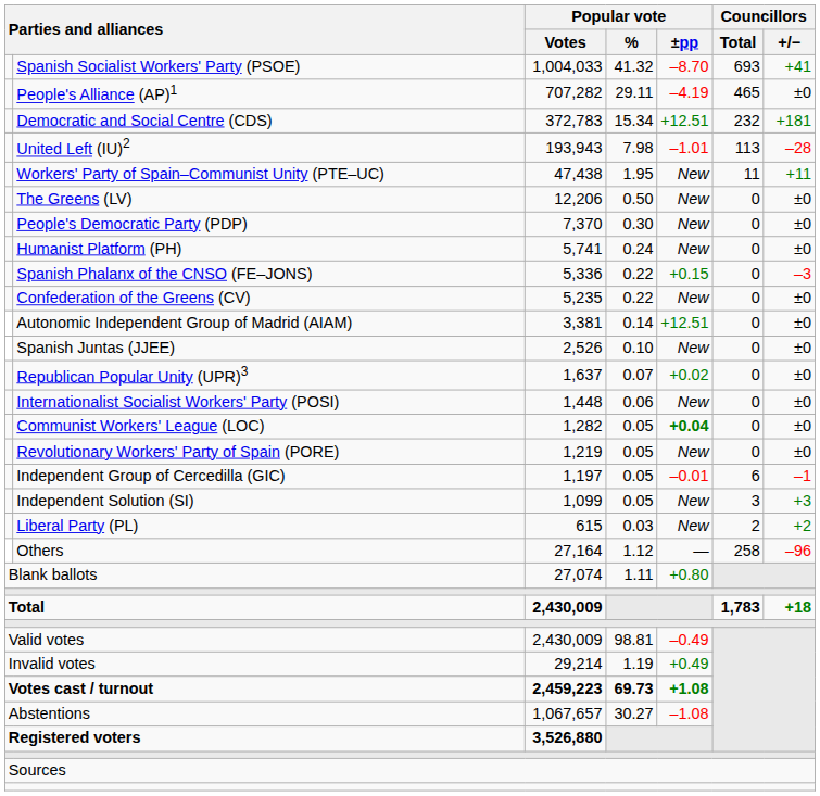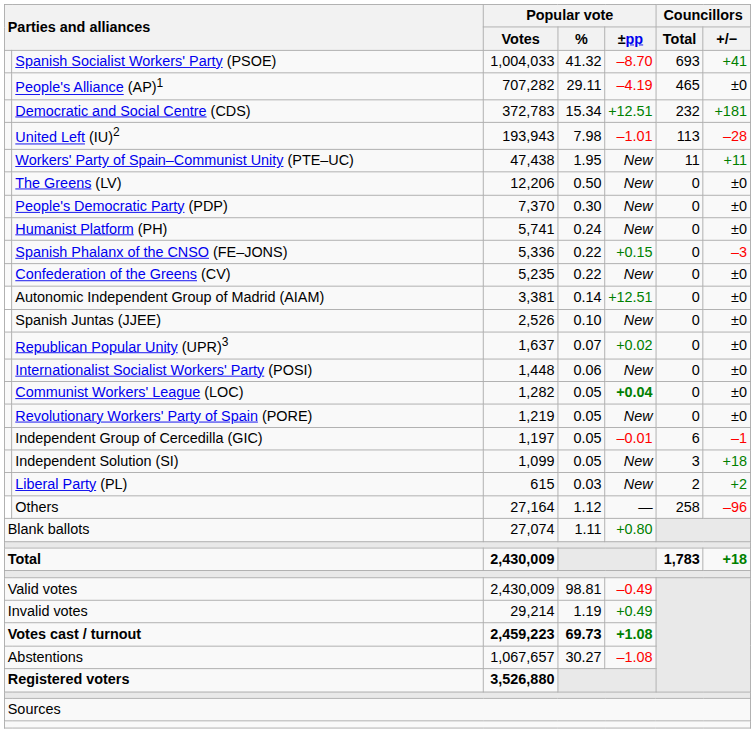 <table class="wikitable" style="text-align:right;">
 <tr>
 <th style="text-align:left;" rowspan="2" colspan="2" width="525">Parties and alliances</th>
 <th colspan="3">Popular vote</th>
 <th colspan="2">Councillors</th>
 </tr>
 <tr>
 <th width="75">Votes</th>
 <th width="45">%</th>
 <th width="45">±<a href='#'>pp</a></th>
 <th width="45">Total</th>
 <th width="45">+/−</th>
 </tr>
 <tr>
 <td width="1" style="color:inherit;background:"></td>
 <td align="left"><a href='#'>Spanish Socialist Workers' Party</a> (PSOE)</td>
 <td>1,004,033</td>
 <td>41.32</td>
 <td style="color:red;">–8.70</td>
 <td>693</td>
 <td style="color:green;">+41</td>
 </tr>
 <tr>
 <td style="color:inherit;background:"></td>
 <td align="left"><a href='#'>People's Alliance</a> (AP)<sup>1</sup></td>
 <td>707,282</td>
 <td>29.11</td>
 <td style="color:red;">–4.19</td>
 <td>465</td>
 <td>±0</td>
 </tr>
 <tr>
 <td style="color:inherit;background:"></td>
 <td align="left"><a href='#'>Democratic and Social Centre</a> (CDS)</td>
 <td>372,783</td>
 <td>15.34</td>
 <td style="color:green;">+12.51</td>
 <td>232</td>
 <td style="color:green;">+181</td>
 </tr>
 <tr>
 <td style="color:inherit;background:"></td>
 <td align="left"><a href='#'>United Left</a> (IU)<sup>2</sup></td>
 <td>193,943</td>
 <td>7.98</td>
 <td style="color:red;">–1.01</td>
 <td>113</td>
 <td style="color:red;">–28</td>
 </tr>
 <tr>
 <td style="color:inherit;background:"></td>
 <td align="left"><a href='#'>Workers' Party of Spain–Communist Unity</a> (PTE–UC)</td>
 <td>47,438</td>
 <td>1.95</td>
 <td><em>New</em></td>
 <td>11</td>
 <td style="color:green;">+11</td>
 </tr>
 <tr>
 <td style="color:inherit;background:"></td>
 <td align="left"><a href='#'>The Greens</a> (LV)</td>
 <td>12,206</td>
 <td>0.50</td>
 <td><em>New</em></td>
 <td>0</td>
 <td>±0</td>
 </tr>
 <tr>
 <td style="color:inherit;background:"></td>
 <td align="left"><a href='#'>People's Democratic Party</a> (PDP)</td>
 <td>7,370</td>
 <td>0.30</td>
 <td><em>New</em></td>
 <td>0</td>
 <td>±0</td>
 </tr>
 <tr>
 <td style="color:inherit;background:"></td>
 <td align="left"><a href='#'>Humanist Platform</a> (PH)</td>
 <td>5,741</td>
 <td>0.24</td>
 <td><em>New</em></td>
 <td>0</td>
 <td>±0</td>
 </tr>
 <tr>
 <td style="color:inherit;background:"></td>
 <td align="left"><a href='#'>Spanish Phalanx of the CNSO</a> (FE–JONS)</td>
 <td>5,336</td>
 <td>0.22</td>
 <td style="color:green;">+0.15</td>
 <td>0</td>
 <td style="color:red;">–3</td>
 </tr>
 <tr>
 <td style="color:inherit;background:"></td>
 <td align="left"><a href='#'>Confederation of the Greens</a> (CV)</td>
 <td>5,235</td>
 <td>0.22</td>
 <td><em>New</em></td>
 <td>0</td>
 <td>±0</td>
 </tr>
 <tr>
 <td bgcolor="white"></td>
 <td align="left">Autonomic Independent Group of Madrid (AIAM)</td>
 <td>3,381</td>
 <td>0.14</td>
 <td style="color:green;">+12.51</td>
 <td>0</td>
 <td>±0</td>
 </tr>
 <tr>
 <td bgcolor="white"></td>
 <td align="left">Spanish Juntas (JJEE)</td>
 <td>2,526</td>
 <td>0.10</td>
 <td><em>New</em></td>
 <td>0</td>
 <td>±0</td>
 </tr>
 <tr>
 <td style="color:inherit;background:"></td>
 <td align="left"><a href='#'>Republican Popular Unity</a> (UPR)<sup>3</sup></td>
 <td>1,637</td>
 <td>0.07</td>
 <td style="color:green;">+0.02</td>
 <td>0</td>
 <td>±0</td>
 </tr>
 <tr>
 <td style="color:inherit;background:"></td>
 <td align="left"><a href='#'>Internationalist Socialist Workers' Party</a> (POSI)</td>
 <td>1,448</td>
 <td>0.06</td>
 <td><em>New</em></td>
 <td>0</td>
 <td>±0</td>
 </tr>
 <tr>
 <td style="color:inherit;background:"></td>
 <td align="left"><a href='#'>Communist Workers' League</a> (LOC)</td>
 <td>1,282</td>
 <td>0.05</td>
 <td style="color:green;"><strong>+0.04</strong></td>
 <td>0</td>
 <td>±0</td>
 </tr>
 <tr>
 <td style="color:inherit;background:"></td>
 <td align="left"><a href='#'>Revolutionary Workers' Party of Spain</a> (PORE)</td>
 <td>1,219</td>
 <td>0.05</td>
 <td><em>New</em></td>
 <td>0</td>
 <td>±0</td>
 </tr>
 <tr>
 <td style="color:inherit;background:"></td>
 <td align="left">Independent Group of Cercedilla (GIC)</td>
 <td>1,197</td>
 <td>0.05</td>
 <td style="color:red;">–0.01</td>
 <td>6</td>
 <td style="color:red;">–1</td>
 </tr>
 <tr>
 <td style="color:inherit;background:"></td>
 <td align="left">Independent Solution (SI)</td>
 <td>1,099</td>
 <td>0.05</td>
 <td><em>New</em></td>
 <td>3</td>
-<td style="color:green;">+3</td>
+<td style="color:green;">+18</td>
 </tr>
 <tr>
 <td style="color:inherit;background:"></td>
 <td align="left"><a href='#'>Liberal Party</a> (PL)</td>
 <td>615</td>
 <td>0.03</td>
 <td><em>New</em></td>
 <td>2</td>
 <td style="color:green;">+2</td>
 </tr>
 <tr>
 <td bgcolor="white"></td>
 <td align="left">Others</td>
 <td>27,164</td>
 <td>1.12</td>
 <td>—</td>
 <td>258</td>
 <td style="color:red;">–96</td>
 </tr>
 <tr>
 <td align="left" colspan="2">Blank ballots</td>
 <td>27,074</td>
 <td>1.11</td>
 <td style="color:green;">+0.80</td>
 <td bgcolor="#E9E9E9" colspan="2"></td>
 </tr>
 <tr>
 <td colspan="7" bgcolor="#E9E9E9"></td>
 </tr>
 <tr style="font-weight:bold;">
 <td align="left" colspan="2">Total</td>
 <td>2,430,009</td>
 <td bgcolor="#E9E9E9" colspan="2"></td>
 <td>1,783</td>
 <td style="color:green;">+18</td>
 </tr>
 <tr>
 <td colspan="7" bgcolor="#E9E9E9"></td>
 </tr>
 <tr>
 <td align="left" colspan="2">Valid votes</td>
 <td>2,430,009</td>
 <td>98.81</td>
 <td style="color:red;">–0.49</td>
 <td bgcolor="#E9E9E9" colspan="2" rowspan="5"></td>
 </tr>
 <tr>
 <td align="left" colspan="2">Invalid votes</td>
 <td>29,214</td>
 <td>1.19</td>
 <td style="color:green;">+0.49</td>
 </tr>
 <tr style="font-weight:bold;">
 <td align="left" colspan="2">Votes cast / turnout</td>
 <td>2,459,223</td>
 <td>69.73</td>
 <td style="color:green;">+1.08</td>
 </tr>
 <tr>
 <td align="left" colspan="2">Abstentions</td>
 <td>1,067,657</td>
 <td>30.27</td>
 <td style="color:red;">–1.08</td>
 </tr>
 <tr style="font-weight:bold;">
 <td align="left" colspan="2">Registered voters</td>
 <td>3,526,880</td>
 <td bgcolor="#E9E9E9" colspan="2"></td>
 </tr>
 <tr>
 <td colspan="7" bgcolor="#E9E9E9"></td>
 </tr>
 <tr>
 <td align="left" colspan="7">Sources</td>
 </tr>
 <tr>
 <td colspan="7" style="text-align:left; max-width:790px;"></td>
 </tr>
 </table>
